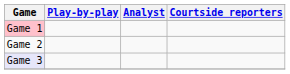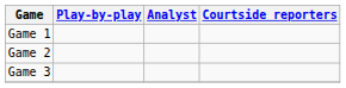 <table class=wikitable>
 <tr>
 <th>Game</th>
 <th><a href='#'>Play-by-play</a></th>
 <th><a href='#'>Analyst</a></th>
 <th><a href='#'>Courtside reporters</a></th>
 </tr>
 <tr>
-<td style="background: pink;">Game 1</td>
+<td>Game 1</td>
 <td></td>
 <td></td>
 <td></td>
 </tr>
 <tr>
 <td>Game 2</td>
 <td></td>
 <td></td>
 <td></td>
 </tr>
 <tr>
-<td style="background: lavender;">Game 3</td>
+<td>Game 3</td>
 <td></td>
 <td></td>
 <td></td>
 </tr>
 <tr>
 </tr>
 </table>
